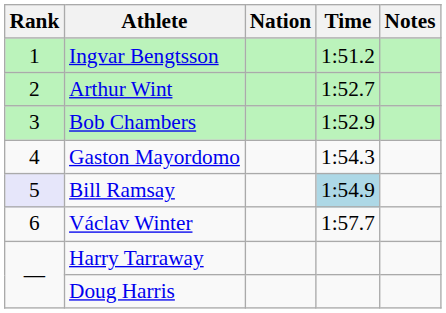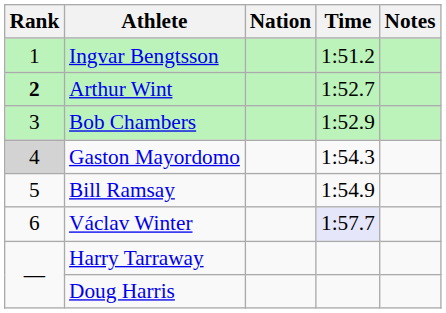 <table class="wikitable sortable" style="text-align:center">
 <tr>
 <th>Rank</th>
 <th>Athlete</th>
 <th>Nation</th>
 <th>Time</th>
 <th>Notes</th>
 </tr>
 <tr bgcolor=bbf3bb>
 <td>1</td>
 <td align=left><a href='#'>Ingvar Bengtsson</a></td>
 <td align=left></td>
 <td>1:51.2</td>
 <td></td>
 </tr>
 <tr bgcolor=bbf3bb>
-<td>2</td>
+<td><strong>2</strong></td>
 <td align=left><a href='#'>Arthur Wint</a></td>
 <td align=left></td>
 <td>1:52.7</td>
 <td></td>
 </tr>
 <tr bgcolor=bbf3bb>
 <td>3</td>
 <td align=left><a href='#'>Bob Chambers</a></td>
 <td align=left></td>
 <td>1:52.9</td>
 <td></td>
 </tr>
 <tr>
-<td>4</td>
+<td style="background: lightgrey;">4</td>
 <td align=left><a href='#'>Gaston Mayordomo</a></td>
 <td align=left></td>
 <td>1:54.3</td>
 <td></td>
 </tr>
 <tr>
-<td style="background: lavender;">5</td>
+<td>5</td>
 <td align=left><a href='#'>Bill Ramsay</a></td>
 <td align=left></td>
-<td style="background: lightblue;">1:54.9</td>
+<td>1:54.9</td>
 <td></td>
 </tr>
 <tr>
 <td>6</td>
 <td align=left><a href='#'>Václav Winter</a></td>
 <td align=left></td>
-<td>1:57.7</td>
+<td style="background: lavender;">1:57.7</td>
 <td></td>
 </tr>
 <tr>
 <td rowspan=2 data-sort-value=7>—</td>
 <td align=left><a href='#'>Harry Tarraway</a></td>
 <td align=left></td>
 <td></td>
 <td></td>
 </tr>
 <tr>
 <td align=left><a href='#'>Doug Harris</a></td>
 <td align=left></td>
 <td></td>
 <td></td>
 </tr>
 </table>
